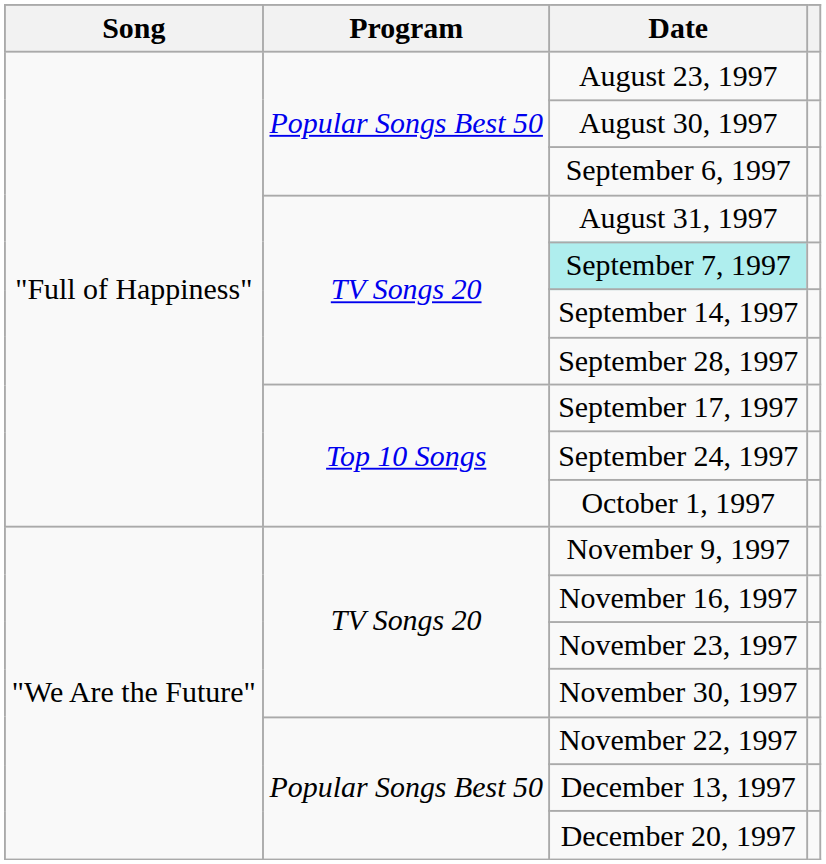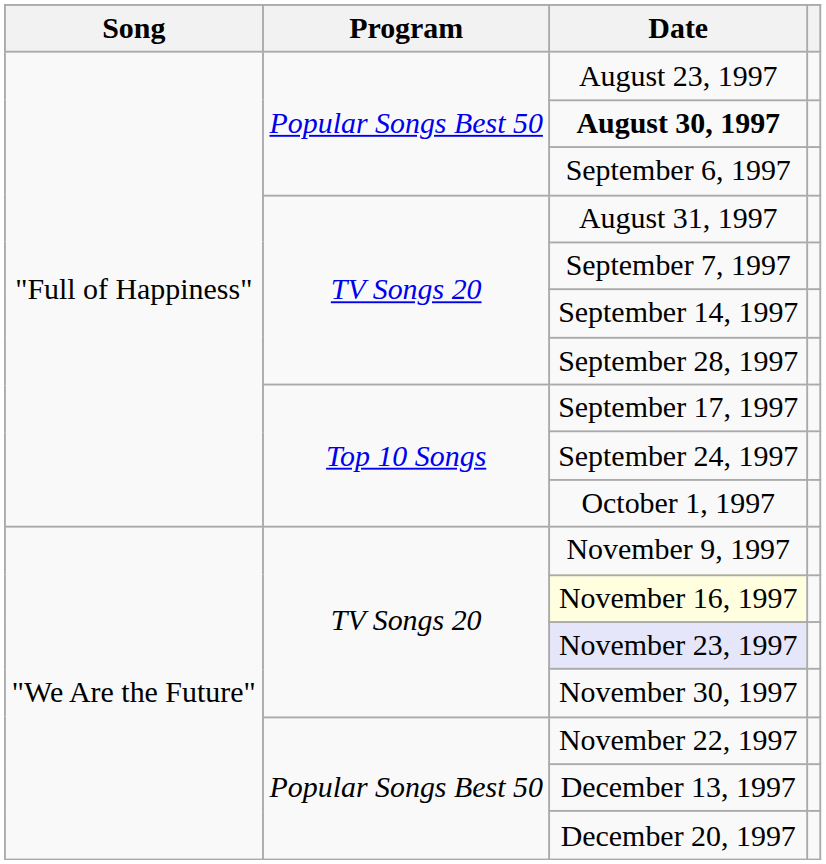 <table class="wikitable plainrowheaders sortable" style="text-align:center">
 <tr>
 <th>Song</th>
 <th>Program</th>
 <th width="130">Date</th>
 <th class="unsortable"></th>
 </tr>
 <tr>
 <td rowspan="10" scope="row">"Full of Happiness"</td>
 <td rowspan="3"><em><a href='#'>Popular Songs Best 50</a></em></td>
 <td>August 23, 1997</td>
 <td></td>
 </tr>
 <tr>
-<td>August 30, 1997</td>
+<td><strong>August 30, 1997</strong></td>
 <td></td>
 </tr>
 <tr>
 <td>September 6, 1997</td>
 <td></td>
 </tr>
 <tr>
 <td rowspan="4"><em><a href='#'>TV Songs 20</a></em></td>
 <td>August 31, 1997</td>
 <td></td>
 </tr>
 <tr>
-<td style="background: paleturquoise;">September 7, 1997</td>
+<td>September 7, 1997</td>
 <td></td>
 </tr>
 <tr>
 <td>September 14, 1997</td>
 <td></td>
 </tr>
 <tr>
 <td>September 28, 1997</td>
 <td></td>
 </tr>
 <tr>
 <td rowspan="3"><em><a href='#'>Top 10 Songs</a></em></td>
 <td>September 17, 1997</td>
 <td></td>
 </tr>
 <tr>
 <td>September 24, 1997</td>
 <td></td>
 </tr>
 <tr>
 <td>October 1, 1997</td>
 <td></td>
 </tr>
 <tr>
 <td rowspan="7" scope="row">"We Are the Future"</td>
 <td rowspan="4"><em>TV Songs 20</em></td>
 <td>November 9, 1997</td>
 <td></td>
 </tr>
 <tr>
-<td>November 16, 1997</td>
+<td style="background: lightyellow;">November 16, 1997</td>
 <td></td>
 </tr>
 <tr>
-<td>November 23, 1997</td>
+<td style="background: lavender;">November 23, 1997</td>
 <td></td>
 </tr>
 <tr>
 <td>November 30, 1997</td>
 <td></td>
 </tr>
 <tr>
 <td rowspan="3"><em>Popular Songs Best 50</em></td>
 <td>November 22, 1997</td>
 <td></td>
 </tr>
 <tr>
 <td>December 13, 1997</td>
 <td></td>
 </tr>
 <tr>
 <td>December 20, 1997</td>
 <td></td>
 </tr>
 </table>
